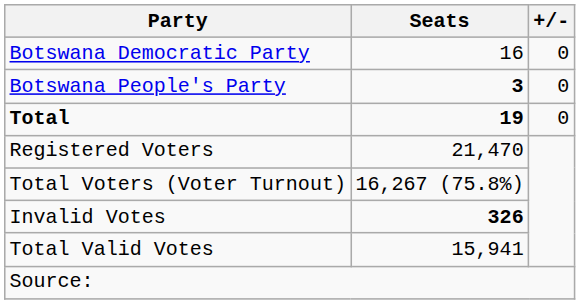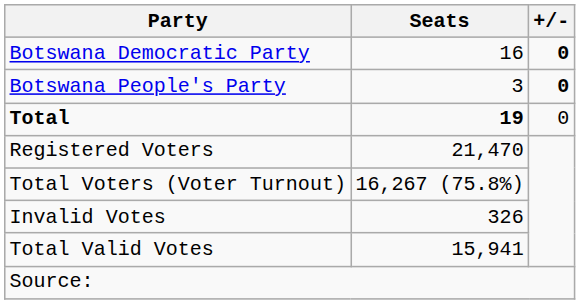 <table class=wikitable style=text-align:right>
 <tr>
 <th>Party</th>
 <th>Seats</th>
 <th>+/-</th>
 </tr>
 <tr>
 <td align=left><a href='#'>Botswana Democratic Party</a></td>
 <td>16</td>
-<td>0</td>
+<td><strong>0</strong></td>
 </tr>
 <tr>
 <td align=left><a href='#'>Botswana People's Party</a></td>
-<td><strong>3</strong></td>
-<td>0</td>
+<td>3</td>
+<td><strong>0</strong></td>
 </tr>
 <tr>
 <td align=left><strong>Total</strong></td>
 <td><strong>19</strong></td>
 <td>0</td>
 </tr>
 <tr>
 <td align=left>Registered Voters</td>
 <td>21,470</td>
 </tr>
 <tr>
 <td align=left>Total Voters (Voter Turnout)</td>
 <td>16,267 (75.8%)</td>
 </tr>
 <tr>
 <td align=left>Invalid Votes</td>
-<td><strong>326</strong></td>
+<td>326</td>
 </tr>
 <tr>
 <td align=left>Total Valid Votes</td>
 <td>15,941</td>
 </tr>
 <tr>
 <td colspan=4 align=left>Source: </td>
 </tr>
 </table>
